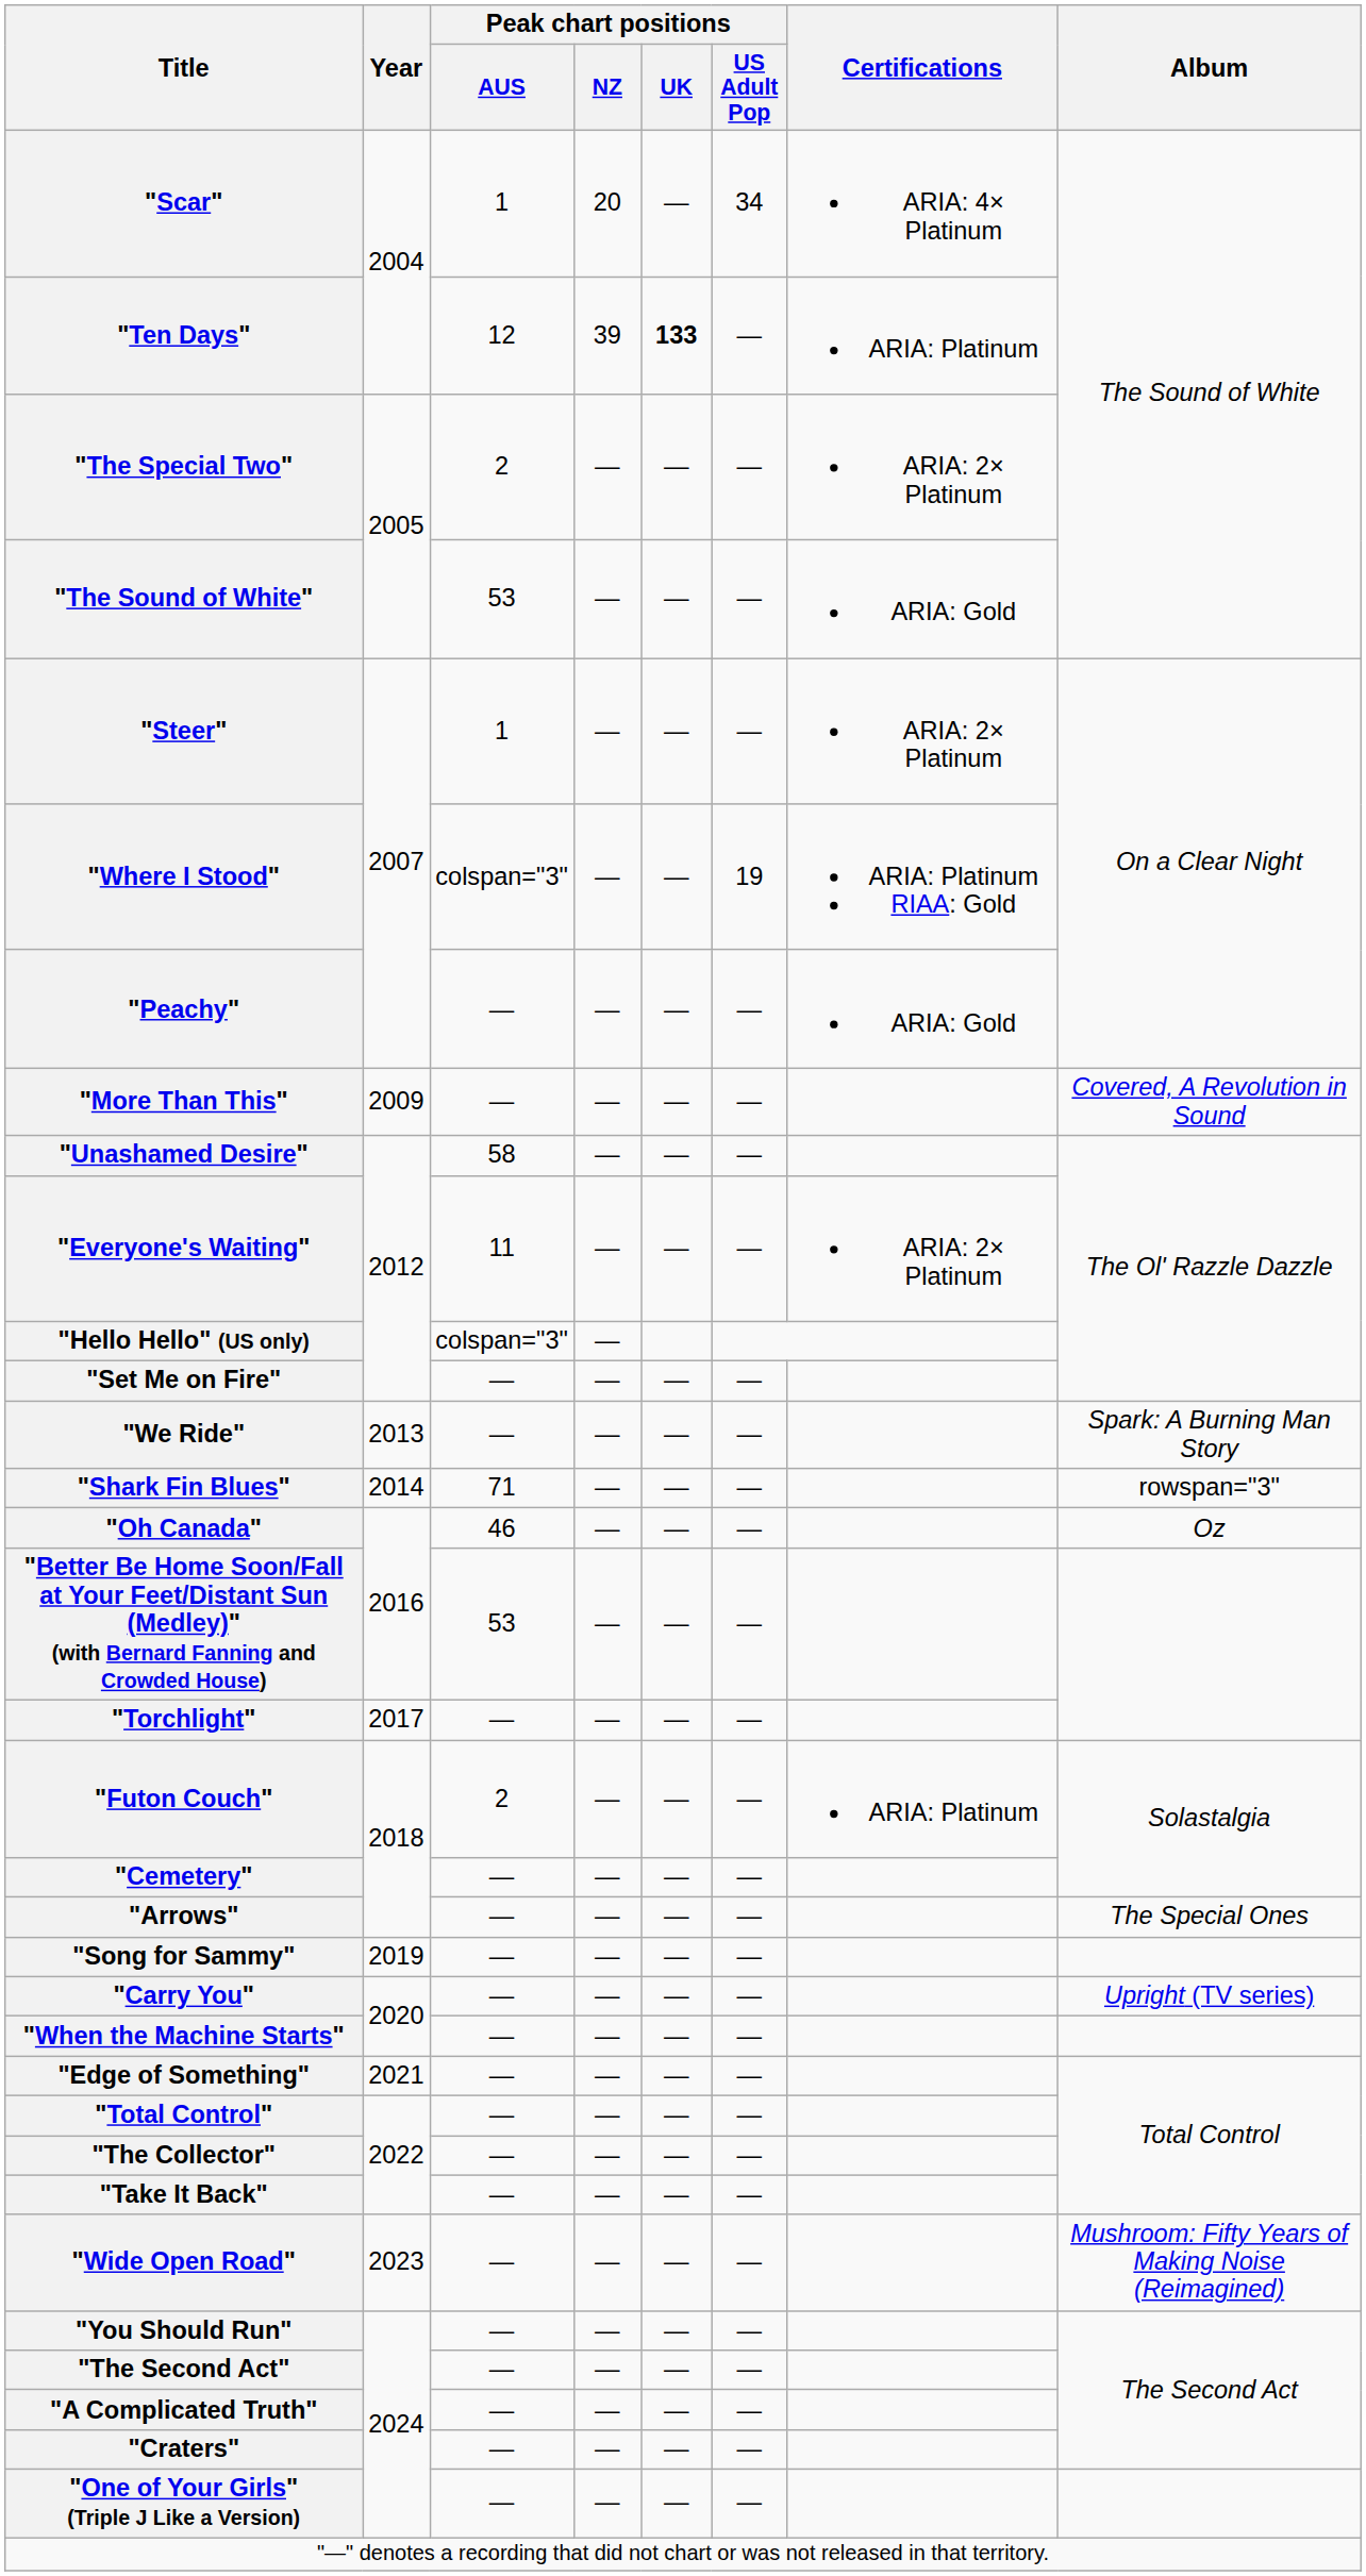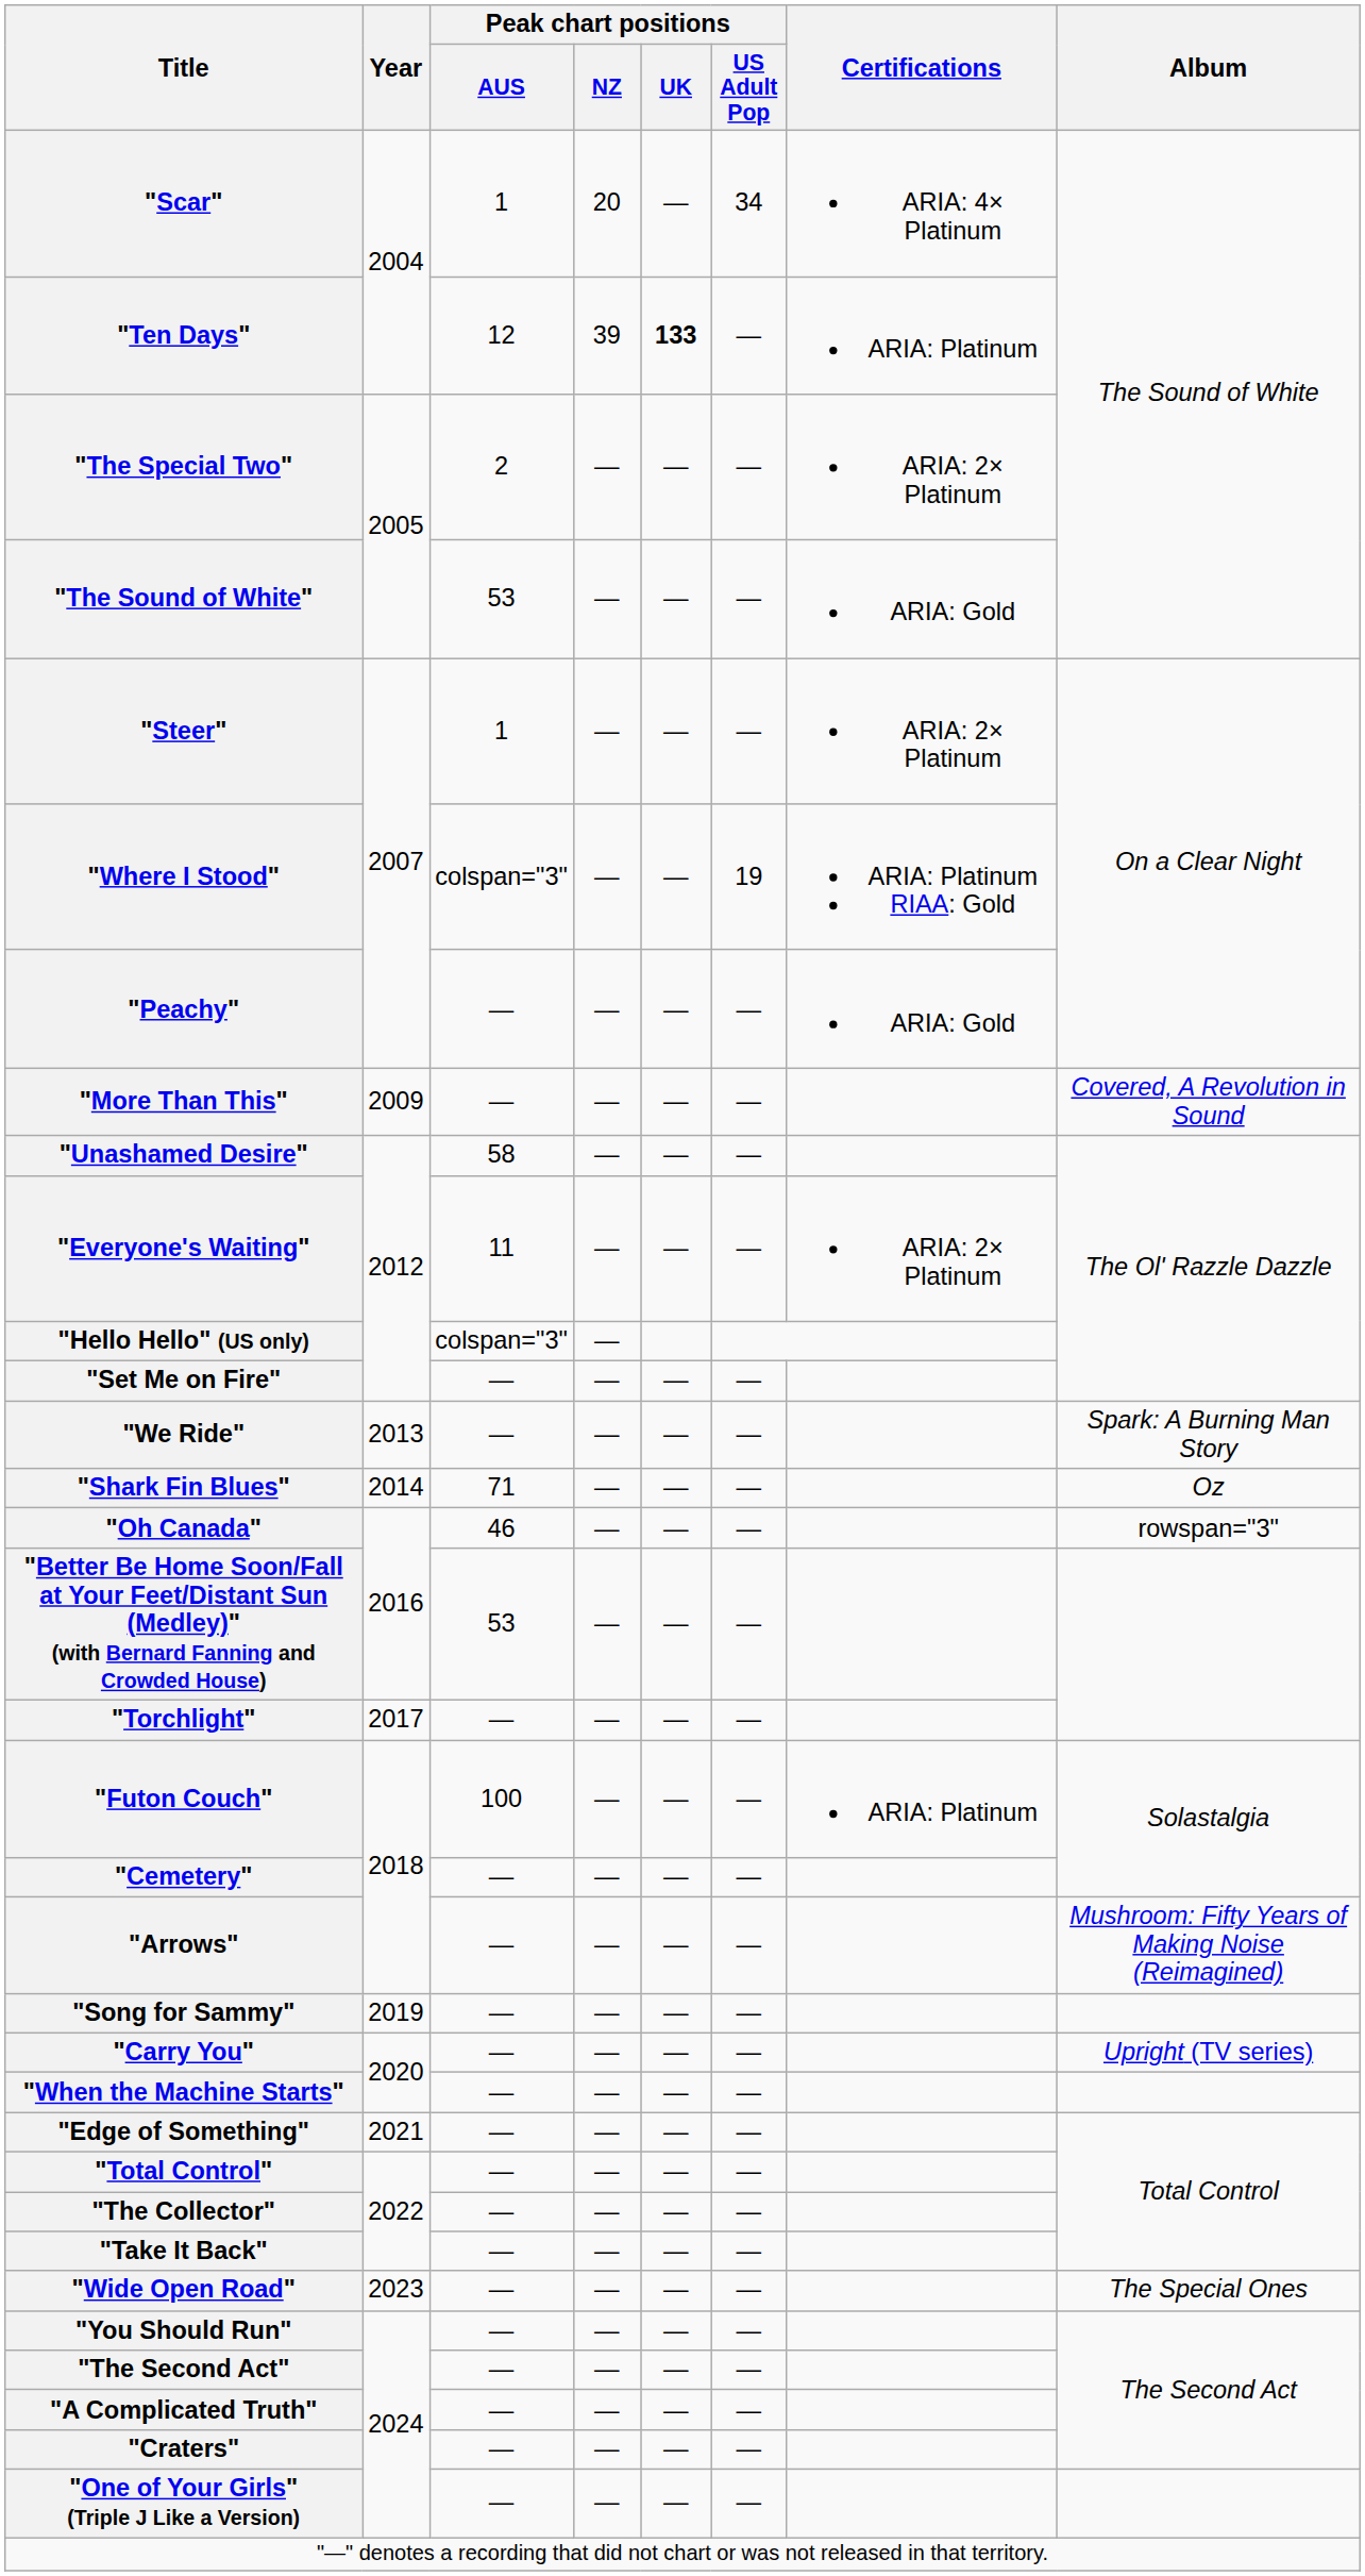 <table class="wikitable plainrowheaders" style="text-align:center;" border="1">
 <tr>
 <th scope="col" rowspan="2" style="width:17em;">Title</th>
 <th scope="col" rowspan="2" style="width:1em;">Year</th>
 <th scope="col" colspan="4">Peak chart positions</th>
 <th scope="col" rowspan="2" style="width:12em;"><a href='#'>Certifications</a></th>
 <th scope="col" rowspan="2" style="width:14em;">Album</th>
 </tr>
 <tr>
 <th scope="col" style="width:3em; font-size:90%;"><a href='#'>AUS</a><br></th>
 <th scope="col" style="width:3em; font-size:90%;"><a href='#'>NZ</a><br></th>
 <th scope="col" style="width:3em; font-size:90%;"><a href='#'>UK</a><br></th>
 <th scope="col" style="width:3em; font-size:90%;"><a href='#'>US<br>Adult<br>Pop</a><br></th>
 </tr>
 <tr>
 <th scope="row">"<a href='#'>Scar</a>"</th>
 <td rowspan="2">2004</td>
 <td>1</td>
 <td>20</td>
 <td>—</td>
 <td>34</td>
 <td><br><ul><li>ARIA: 4× Platinum</li></ul></td>
 <td rowspan="4"><em>The Sound of White</em></td>
 </tr>
 <tr>
 <th scope="row">"<a href='#'>Ten Days</a>"</th>
 <td>12</td>
 <td>39</td>
 <td><strong>133</strong></td>
 <td>—</td>
 <td><br><ul><li>ARIA: Platinum</li></ul></td>
 </tr>
 <tr>
 <th scope="row">"<a href='#'>The Special Two</a>"</th>
 <td rowspan="2">2005</td>
 <td>2</td>
 <td>—</td>
 <td>—</td>
 <td>—</td>
 <td><br><ul><li>ARIA: 2× Platinum</li></ul></td>
 </tr>
 <tr>
 <th scope="row">"<a href='#'>The Sound of White</a>"</th>
 <td>53</td>
 <td>—</td>
 <td>—</td>
 <td>—</td>
 <td><br><ul><li>ARIA: Gold</li></ul></td>
 </tr>
 <tr>
 <th scope="row">"<a href='#'>Steer</a>"</th>
 <td rowspan="3">2007</td>
 <td>1</td>
 <td>—</td>
 <td>—</td>
 <td>—</td>
 <td><br><ul><li>ARIA: 2× Platinum</li></ul></td>
 <td rowspan="3"><em>On a Clear Night</em></td>
 </tr>
 <tr>
 <th scope="row">"<a href='#'>Where I Stood</a>"</th>
 <td>colspan="3" </td>
 <td>—</td>
 <td>—</td>
 <td>19</td>
 <td><br><ul><li>ARIA: Platinum</li><li><a href='#'>RIAA</a>: Gold</li></ul></td>
 </tr>
 <tr>
 <th scope="row">"<a href='#'>Peachy</a>"</th>
 <td>—</td>
 <td>—</td>
 <td>—</td>
 <td>—</td>
 <td><br><ul><li>ARIA: Gold</li></ul></td>
 </tr>
 <tr>
 <th scope="row">"<a href='#'>More Than This</a>"</th>
 <td>2009</td>
 <td>—</td>
 <td>—</td>
 <td>—</td>
 <td>—</td>
 <td></td>
 <td><em><a href='#'>Covered, A Revolution in Sound</a></em></td>
 </tr>
 <tr>
 <th scope="row">"<a href='#'>Unashamed Desire</a>"</th>
 <td rowspan="4">2012</td>
 <td>58</td>
 <td>—</td>
 <td>—</td>
 <td>—</td>
 <td></td>
 <td rowspan="4"><em>The Ol' Razzle Dazzle</em></td>
 </tr>
 <tr>
 <th scope="row">"<a href='#'>Everyone's Waiting</a>"</th>
 <td>11</td>
 <td>—</td>
 <td>—</td>
 <td>—</td>
 <td><br><ul><li>ARIA: 2× Platinum</li></ul></td>
 </tr>
 <tr>
 <th scope="row">"Hello Hello" <small> (US only) </small></th>
 <td>colspan="3" </td>
 <td>—</td>
 <td></td>
 </tr>
 <tr>
 <th scope="row">"Set Me on Fire"</th>
 <td>—</td>
 <td>—</td>
 <td>—</td>
 <td>—</td>
 <td></td>
 </tr>
 <tr>
 <th scope="row">"We Ride"</th>
 <td>2013</td>
 <td>—</td>
 <td>—</td>
 <td>—</td>
 <td>—</td>
 <td></td>
 <td><em>Spark: A Burning Man Story</em></td>
 </tr>
 <tr>
 <th scope="row">"<a href='#'>Shark Fin Blues</a>"</th>
 <td>2014</td>
 <td>71</td>
 <td>—</td>
 <td>—</td>
 <td>—</td>
 <td></td>
-<td>rowspan="3" </td>
+<td><em>Oz</em></td>
 </tr>
 <tr>
 <th scope="row">"<a href='#'>Oh Canada</a>"</th>
 <td rowspan="2">2016</td>
 <td>46</td>
 <td>—</td>
 <td>—</td>
 <td>—</td>
 <td></td>
-<td><em>Oz</em></td>
+<td>rowspan="3" </td>
 </tr>
 <tr>
 <th scope="row">"<a href='#'>Better Be Home Soon/Fall at Your Feet/Distant Sun (Medley)</a>" <br> <small>(with <a href='#'>Bernard Fanning</a> and <a href='#'>Crowded House</a>)</small></th>
 <td>53</td>
 <td>—</td>
 <td>—</td>
 <td>—</td>
 <td></td>
 </tr>
 <tr>
 <th scope="row">"<a href='#'>Torchlight</a>"</th>
 <td>2017</td>
 <td>—</td>
 <td>—</td>
 <td>—</td>
 <td>—</td>
 <td></td>
 </tr>
 <tr>
 <th scope="row">"<a href='#'>Futon Couch</a>"</th>
 <td rowspan="3">2018</td>
-<td>2</td>
+<td>100</td>
 <td>—</td>
 <td>—</td>
 <td>—</td>
 <td><br><ul><li>ARIA: Platinum</li></ul></td>
 <td rowspan="2"><em>Solastalgia</em></td>
 </tr>
 <tr>
 <th scope="row">"<a href='#'>Cemetery</a>"</th>
 <td>—</td>
 <td>—</td>
 <td>—</td>
 <td>—</td>
 <td></td>
 </tr>
 <tr>
 <th scope="row">"Arrows"</th>
 <td>—</td>
 <td>—</td>
 <td>—</td>
 <td>—</td>
 <td></td>
-<td><em>The Special Ones</em></td>
+<td><em><a href='#'>Mushroom: Fifty Years of Making Noise (Reimagined)</a></em></td>
 </tr>
 <tr>
 <th scope="row">"Song for Sammy"</th>
 <td>2019</td>
 <td>—</td>
 <td>—</td>
 <td>—</td>
 <td>—</td>
 <td></td>
 <td></td>
 </tr>
 <tr>
 <th scope="row">"<a href='#'>Carry You</a>"</th>
 <td rowspan="2">2020</td>
 <td>—</td>
 <td>—</td>
 <td>—</td>
 <td>—</td>
 <td></td>
 <td><a href='#'><em>Upright</em> (TV series)</a></td>
 </tr>
 <tr>
 <th scope="row">"<a href='#'>When the Machine Starts</a>"</th>
 <td>—</td>
 <td>—</td>
 <td>—</td>
 <td>—</td>
 <td></td>
 <td></td>
 </tr>
 <tr>
 <th scope="row">"Edge of Something"</th>
 <td>2021</td>
 <td>—</td>
 <td>—</td>
 <td>—</td>
 <td>—</td>
 <td></td>
 <td rowspan="4"><em>Total Control</em></td>
 </tr>
 <tr>
 <th scope="row">"<a href='#'>Total Control</a>"</th>
 <td rowspan="3">2022</td>
 <td>—</td>
 <td>—</td>
 <td>—</td>
 <td>—</td>
 <td></td>
 </tr>
 <tr>
 <th scope="row">"The Collector"</th>
 <td>—</td>
 <td>—</td>
 <td>—</td>
 <td>—</td>
 <td></td>
 </tr>
 <tr>
 <th scope="row">"Take It Back"</th>
 <td>—</td>
 <td>—</td>
 <td>—</td>
 <td>—</td>
 <td></td>
 </tr>
 <tr>
 <th scope="row">"<a href='#'>Wide Open Road</a>"</th>
 <td>2023</td>
 <td>—</td>
 <td>—</td>
 <td>—</td>
 <td>—</td>
 <td></td>
-<td><em><a href='#'>Mushroom: Fifty Years of Making Noise (Reimagined)</a></em></td>
+<td><em>The Special Ones</em></td>
 </tr>
 <tr>
 <th scope="row">"You Should Run"</th>
 <td rowspan="5">2024</td>
 <td>—</td>
 <td>—</td>
 <td>—</td>
 <td>—</td>
 <td></td>
 <td rowspan="4"><em>The Second Act</em></td>
 </tr>
 <tr>
 <th scope="row">"The Second Act"</th>
 <td>—</td>
 <td>—</td>
 <td>—</td>
 <td>—</td>
 <td></td>
 </tr>
 <tr>
 <th scope="row">"A Complicated Truth"</th>
 <td>—</td>
 <td>—</td>
 <td>—</td>
 <td>—</td>
 <td></td>
 </tr>
 <tr>
 <th scope="row">"Craters"</th>
 <td>—</td>
 <td>—</td>
 <td>—</td>
 <td>—</td>
 <td></td>
 </tr>
 <tr>
 <th scope="row">"<a href='#'>One of Your Girls</a>" <br> <small>(Triple J Like a Version)</small></th>
 <td>—</td>
 <td>—</td>
 <td>—</td>
 <td>—</td>
 <td></td>
 <td></td>
 </tr>
 <tr>
 <td colspan="8" style="font-size:85%">"—" denotes a recording that did not chart or was not released in that territory.</td>
 </tr>
 </table>
